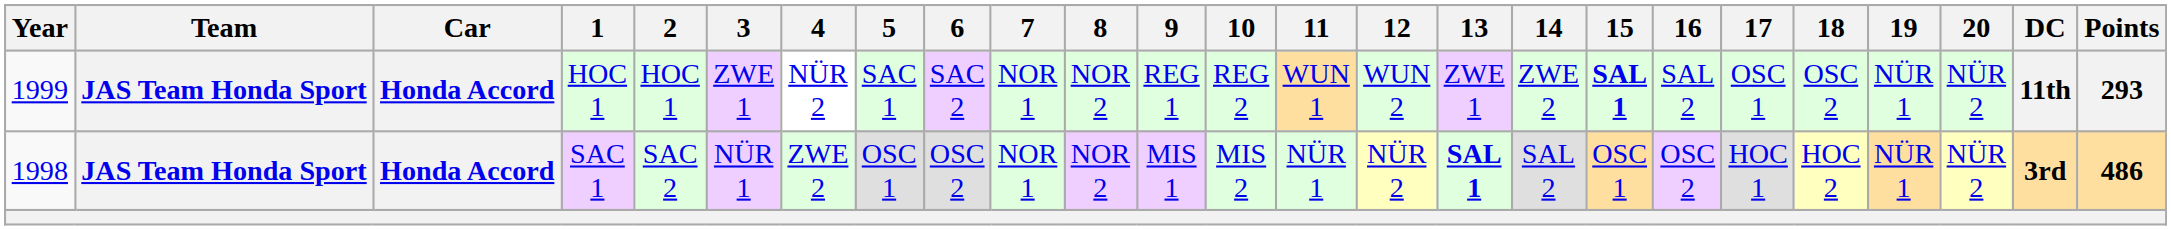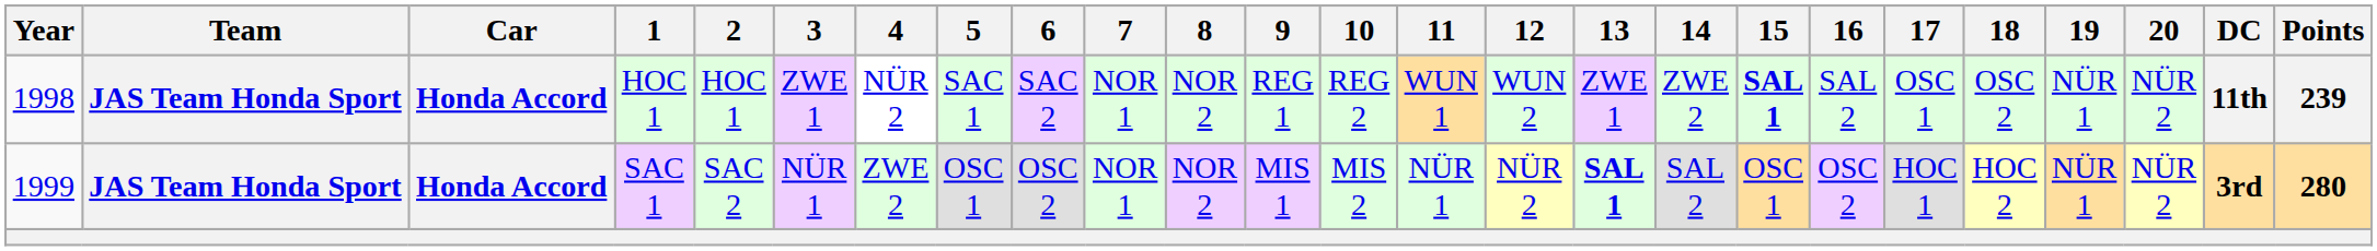 <table class="wikitable" style="text-align:center; font-size:85%;">
 <tr>
 <th>Year</th>
 <th>Team</th>
 <th>Car</th>
 <th>1</th>
 <th>2</th>
 <th>3</th>
 <th>4</th>
 <th>5</th>
 <th>6</th>
 <th>7</th>
 <th>8</th>
 <th>9</th>
 <th>10</th>
 <th>11</th>
 <th>12</th>
 <th>13</th>
 <th>14</th>
 <th>15</th>
 <th>16</th>
 <th>17</th>
 <th>18</th>
 <th>19</th>
 <th>20</th>
 <th>DC</th>
 <th>Points</th>
 </tr>
 <tr>
-<td><a href='#'>1999</a></td>
+<td><a href='#'>1998</a></td>
 <th nowrap><a href='#'>JAS Team Honda Sport</a></th>
 <th nowrap><a href='#'>Honda Accord</a></th>
 <td style="background:#DFFFDF;"><a href='#'>HOC<br>1</a><br></td>
 <td style="background:#DFFFDF;"><a href='#'>HOC<br>1</a><br></td>
 <td style="background:#EFCFFF;"><a href='#'>ZWE<br>1</a><br></td>
 <td style="background:#FFFFFF;"><a href='#'>NÜR<br>2</a><br></td>
 <td style="background:#DFFFDF;"><a href='#'>SAC<br>1</a><br></td>
 <td style="background:#EFCFFF;"><a href='#'>SAC<br>2</a><br></td>
 <td style="background:#DFFFDF;"><a href='#'>NOR<br>1</a><br></td>
 <td style="background:#DFFFDF;"><a href='#'>NOR<br>2</a><br></td>
 <td style="background:#DFFFDF;"><a href='#'>REG<br>1</a><br></td>
 <td style="background:#DFFFDF;"><a href='#'>REG<br>2</a><br></td>
 <td style="background:#FFDF9F;"><a href='#'>WUN<br>1</a><br></td>
 <td style="background:#DFFFDF;"><a href='#'>WUN<br>2</a><br></td>
 <td style="background:#EFCFFF;"><a href='#'>ZWE<br>1</a><br></td>
 <td style="background:#DFFFDF;"><a href='#'>ZWE<br>2</a><br></td>
 <td style="background:#DFFFDF;"><a href='#'><strong>SAL<br>1</strong></a><br></td>
 <td style="background:#DFFFDF;"><a href='#'>SAL<br>2</a><br></td>
 <td style="background:#DFFFDF;"><a href='#'>OSC<br>1</a><br></td>
 <td style="background:#DFFFDF;"><a href='#'>OSC<br>2</a><br></td>
 <td style="background:#DFFFDF;"><a href='#'>NÜR<br>1</a><br></td>
 <td style="background:#DFFFDF;"><a href='#'>NÜR<br>2</a><br></td>
 <th>11th</th>
-<th>293</th>
+<th>239</th>
 </tr>
 <tr>
-<td><a href='#'>1998</a></td>
+<td><a href='#'>1999</a></td>
 <th nowrap><a href='#'>JAS Team Honda Sport</a></th>
 <th nowrap><a href='#'>Honda Accord</a></th>
 <td style="background:#EFCFFF;"><a href='#'>SAC<br>1</a><br></td>
 <td style="background:#DFFFDF;"><a href='#'>SAC<br>2</a><br></td>
 <td style="background:#EFCFFF;"><a href='#'>NÜR<br>1</a><br></td>
 <td style="background:#DFFFDF;"><a href='#'>ZWE<br>2</a><br></td>
 <td style="background:#DFDFDF;"><a href='#'>OSC<br>1</a><br></td>
 <td style="background:#DFDFDF;"><a href='#'>OSC<br>2</a><br></td>
 <td style="background:#DFFFDF;"><a href='#'>NOR<br>1</a><br></td>
 <td style="background:#EFCFFF;"><a href='#'>NOR<br>2</a><br></td>
 <td style="background:#EFCFFF;"><a href='#'>MIS<br>1</a><br></td>
 <td style="background:#DFFFDF;"><a href='#'>MIS<br>2</a><br></td>
 <td style="background:#DFFFDF;"><a href='#'>NÜR<br>1</a><br></td>
 <td style="background:#FFFFBF;"><a href='#'>NÜR<br>2</a><br></td>
 <td style="background:#DFFFDF;"><strong><a href='#'>SAL<br>1</a><br></strong></td>
 <td style="background:#DFDFDF;"><a href='#'>SAL<br>2</a><br></td>
 <td style="background:#FFDF9F;"><a href='#'>OSC<br>1</a><br></td>
 <td style="background:#EFCFFF;"><a href='#'>OSC<br>2</a><br></td>
 <td style="background:#DFDFDF;"><a href='#'>HOC<br>1</a><br></td>
 <td style="background:#FFFFBF;"><a href='#'>HOC<br>2</a><br></td>
 <td style="background:#FFDF9F;"><a href='#'>NÜR<br>1</a><br></td>
 <td style="background:#FFFFBF;"><a href='#'>NÜR<br>2</a><br></td>
 <th style="background:#FFDF9F;">3rd</th>
-<th style="background:#FFDF9F;">486</th>
+<th style="background:#FFDF9F;">280</th>
 </tr>
 <tr>
 <th colspan="25"></th>
 </tr>
 </table>
